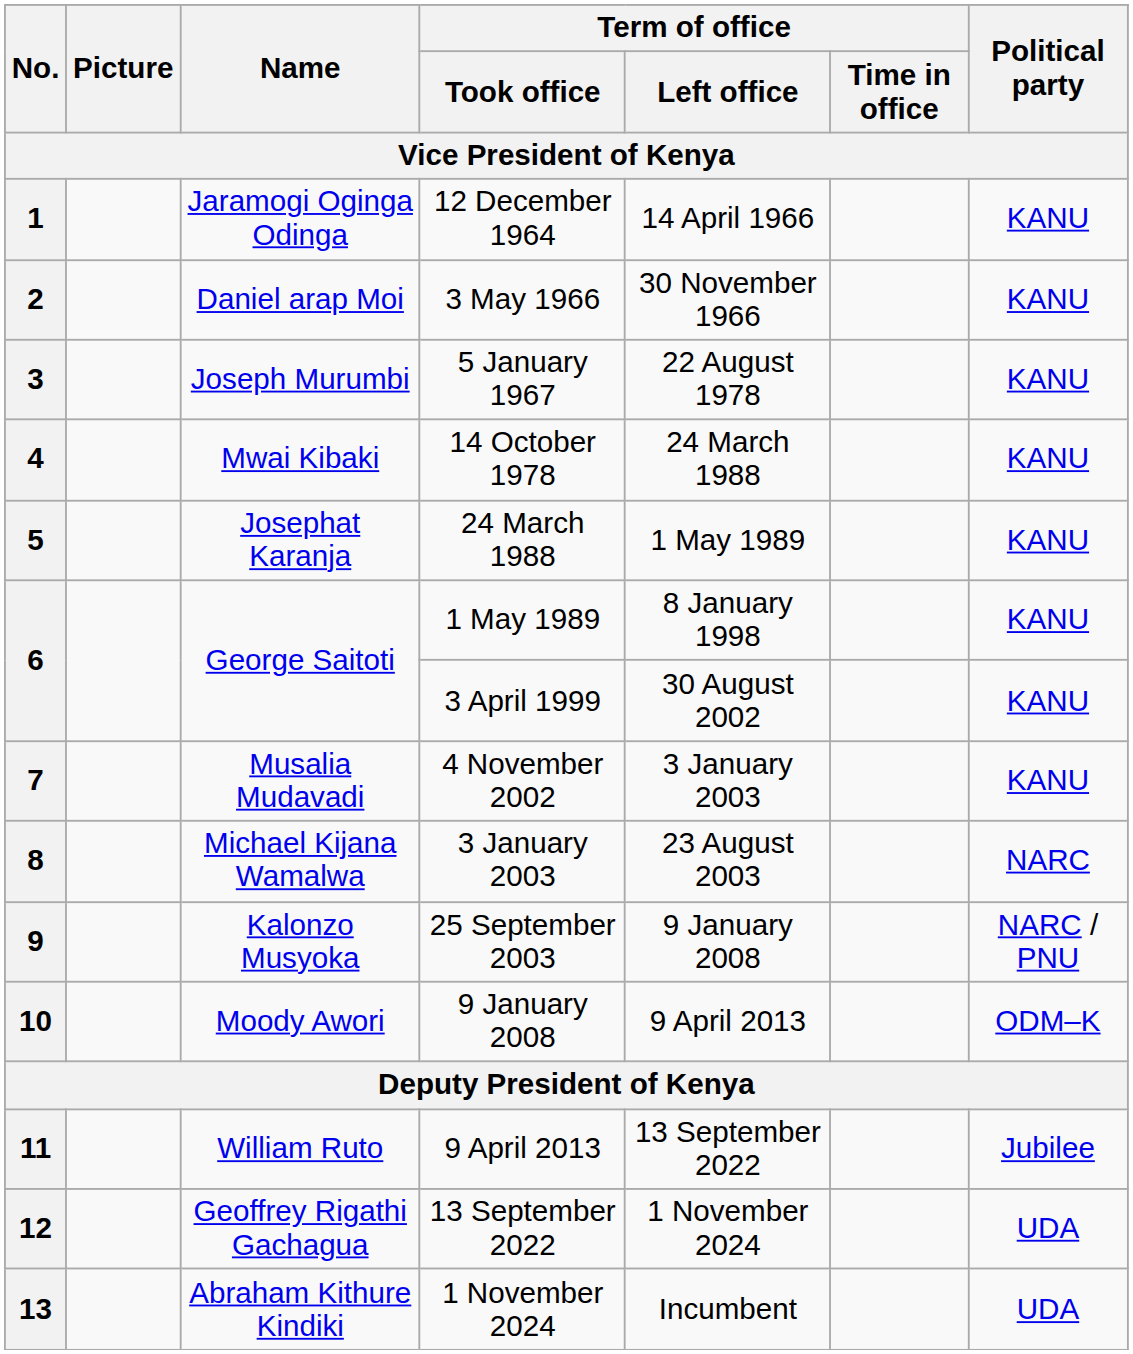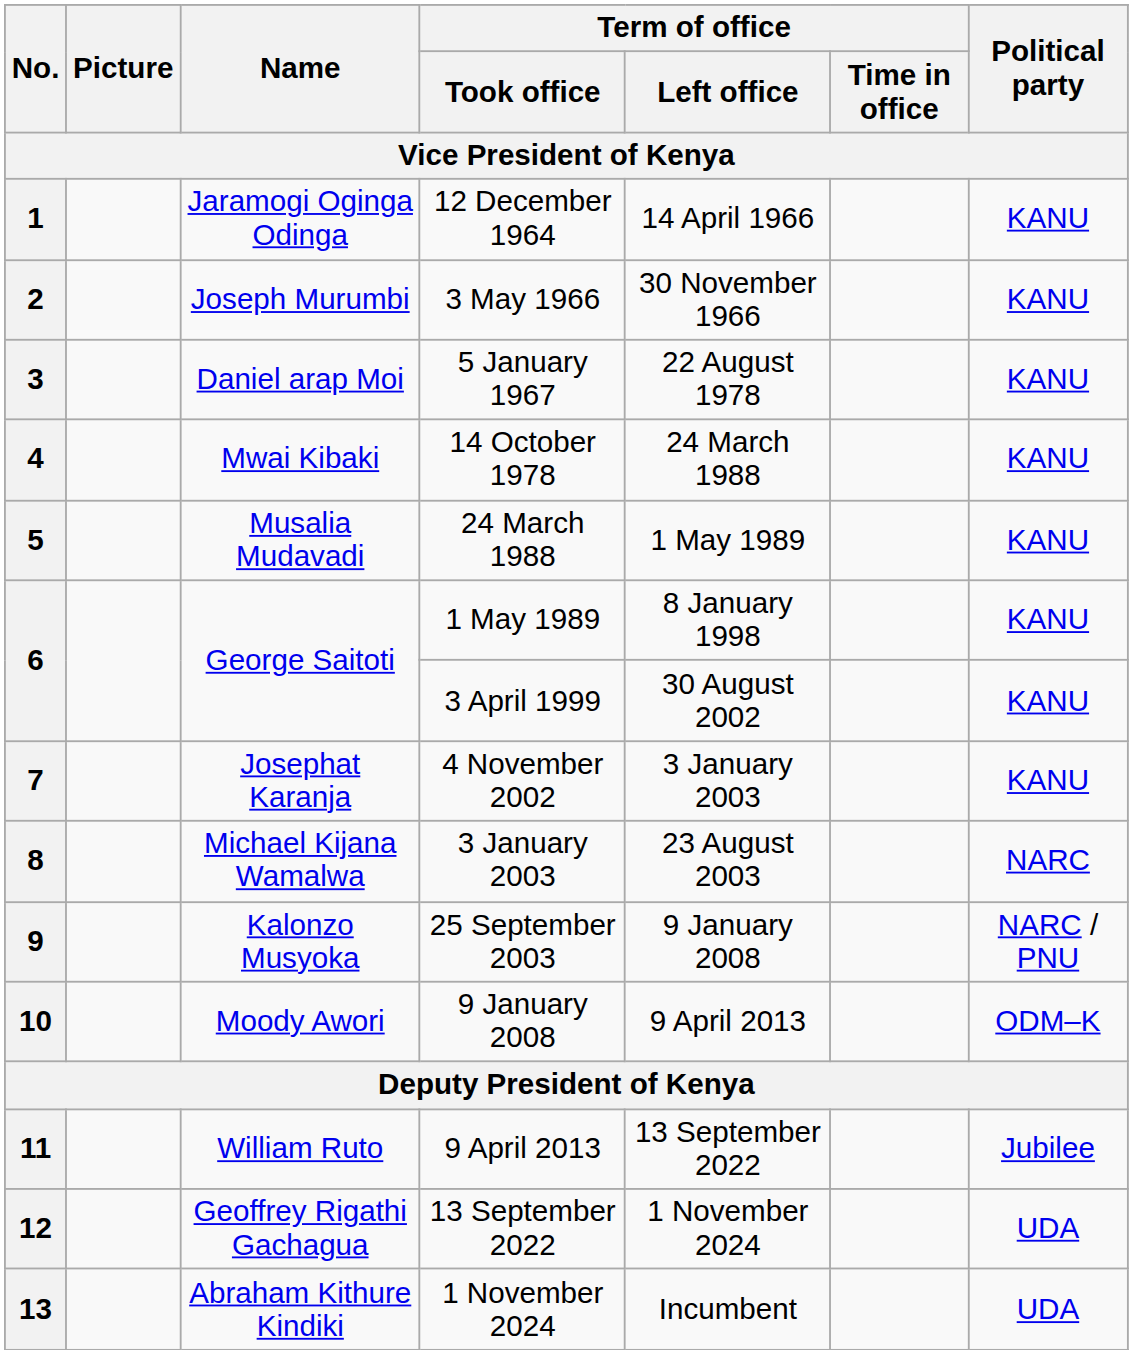 <table class="wikitable" style="text-align:center">
 <tr>
 <th rowspan="2">No.</th>
 <th rowspan="2">Picture</th>
 <th rowspan="2">Name<br></th>
 <th colspan="3">Term of office</th>
 <th rowspan="2">Political party</th>
 </tr>
 <tr>
 <th>Took office</th>
 <th>Left office</th>
 <th>Time in office</th>
 </tr>
 <tr>
 <th colspan="7">Vice President of Kenya</th>
 </tr>
 <tr Kindly note that Kenya has had only one Deputy President (William Samoei Ruto), according to the 2010 constitution. All the others, since independence have been vice presidents, who are usually appointed by, and serve at the pleasure of the President. The deputy president is, on the other hand, elected together with the President.>
 <th style="background:">1</th>
 <td></td>
 <td><a href='#'>Jaramogi Oginga Odinga</a><br></td>
 <td>12 December 1964</td>
 <td>14 April 1966</td>
 <td></td>
 <td><a href='#'>KANU</a></td>
 </tr>
 <tr>
 <th style="background:">2</th>
 <td></td>
-<td><a href='#'>Daniel arap Moi</a><br></td>
+<td><a href='#'>Joseph Murumbi</a><br></td>
 <td>3 May 1966</td>
 <td>30 November 1966</td>
 <td></td>
 <td><a href='#'>KANU</a></td>
 </tr>
 <tr>
 <th style="background:">3</th>
 <td></td>
-<td><a href='#'>Joseph Murumbi</a><br></td>
+<td><a href='#'>Daniel arap Moi</a><br></td>
 <td>5 January 1967</td>
 <td>22 August 1978</td>
 <td></td>
 <td><a href='#'>KANU</a></td>
 </tr>
 <tr>
 <th style="background:">4</th>
 <td></td>
 <td><a href='#'>Mwai Kibaki</a><br></td>
 <td>14 October 1978</td>
 <td>24 March 1988</td>
 <td></td>
 <td><a href='#'>KANU</a></td>
 </tr>
 <tr>
 <th style="background:">5</th>
 <td></td>
-<td><a href='#'>Josephat Karanja</a><br></td>
+<td><a href='#'>Musalia Mudavadi</a><br></td>
 <td>24 March 1988</td>
 <td>1 May 1989</td>
 <td></td>
 <td><a href='#'>KANU</a></td>
 </tr>
 <tr>
 <th rowspan=2 style="background:">6</th>
 <td rowspan=2></td>
 <td rowspan=2><a href='#'>George Saitoti</a><br></td>
 <td>1 May 1989</td>
 <td>8 January 1998</td>
 <td></td>
 <td><a href='#'>KANU</a></td>
 </tr>
 <tr>
 <td>3 April 1999</td>
 <td>30 August 2002</td>
 <td></td>
 <td><a href='#'>KANU</a></td>
 </tr>
 <tr>
 <th style="background:">7</th>
 <td></td>
-<td><a href='#'>Musalia Mudavadi</a><br></td>
+<td><a href='#'>Josephat Karanja</a><br></td>
 <td>4 November 2002</td>
 <td>3 January 2003</td>
 <td></td>
 <td><a href='#'>KANU</a></td>
 </tr>
 <tr>
 <th style="background:">8</th>
 <td></td>
 <td><a href='#'>Michael Kijana Wamalwa</a><br></td>
 <td>3 January 2003</td>
 <td>23 August 2003</td>
 <td></td>
 <td><a href='#'>NARC</a></td>
 </tr>
 <tr>
 <th style="background:">9</th>
 <td></td>
 <td><a href='#'>Kalonzo Musyoka</a><br></td>
 <td>25 September 2003</td>
 <td>9 January 2008</td>
 <td></td>
 <td><a href='#'>NARC</a> / <a href='#'>PNU</a></td>
 </tr>
 <tr>
 <th style="background:">10</th>
 <td></td>
 <td><a href='#'>Moody Awori</a><br></td>
 <td>9 January 2008</td>
 <td>9 April 2013</td>
 <td></td>
 <td><a href='#'>ODM–K</a></td>
 </tr>
 <tr>
 <th colspan="7">Deputy President of Kenya</th>
 </tr>
 <tr>
 <th style="background:">11</th>
 <td></td>
 <td><a href='#'>William Ruto</a><br></td>
 <td>9 April 2013</td>
 <td>13 September 2022</td>
 <td></td>
 <td><a href='#'>Jubilee</a></td>
 </tr>
 <tr>
 <th style="background:">12</th>
 <td></td>
 <td><a href='#'>Geoffrey Rigathi Gachagua</a><br></td>
 <td>13 September 2022</td>
 <td>1 November 2024</td>
 <td></td>
 <td><a href='#'>UDA</a></td>
 </tr>
 <tr>
 <th style="background:">13</th>
 <td></td>
 <td><a href='#'>Abraham Kithure Kindiki</a><br></td>
 <td>1 November 2024</td>
 <td>Incumbent</td>
 <td></td>
 <td><a href='#'>UDA</a></td>
 </tr>
 </table>
